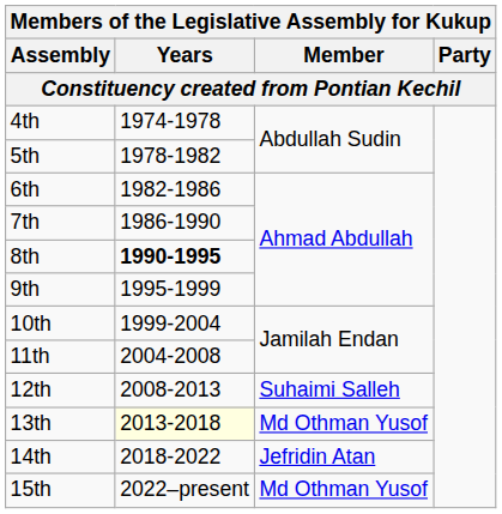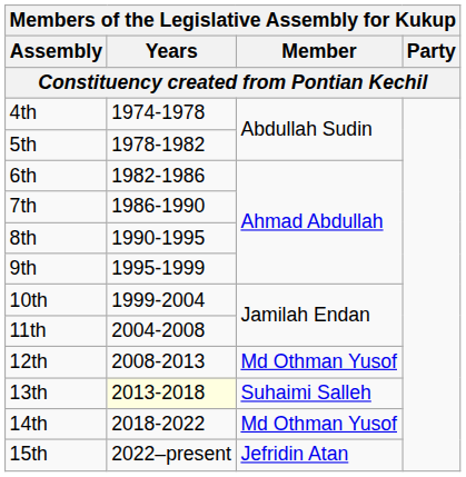 <table class=wikitable>
 <tr>
 <th colspan=4>Members of the Legislative Assembly for Kukup</th>
 </tr>
 <tr>
 <th>Assembly</th>
 <th>Years</th>
 <th>Member</th>
 <th>Party</th>
 </tr>
 <tr>
 <th colspan=4 align=center><em>Constituency created from Pontian Kechil</em></th>
 </tr>
 <tr>
 <td>4th</td>
 <td>1974-1978</td>
 <td rowspan="2">Abdullah Sudin</td>
 <td rowspan="13"></td>
 </tr>
 <tr>
 <td>5th</td>
 <td>1978-1982</td>
 </tr>
 <tr>
 <td>6th</td>
 <td>1982-1986</td>
 <td rowspan="4"><a href='#'>Ahmad Abdullah</a></td>
 </tr>
 <tr>
 <td>7th</td>
 <td>1986-1990</td>
 </tr>
 <tr>
 <td>8th</td>
-<td><strong>1990-1995</strong></td>
+<td>1990-1995</td>
 </tr>
 <tr>
 <td>9th</td>
 <td>1995-1999</td>
 </tr>
 <tr>
 <td>10th</td>
 <td>1999-2004</td>
 <td rowspan="2">Jamilah Endan</td>
 </tr>
 <tr>
 <td>11th</td>
 <td>2004-2008</td>
 </tr>
 <tr>
 <td>12th</td>
 <td>2008-2013</td>
-<td><a href='#'>Suhaimi Salleh</a></td>
+<td><a href='#'>Md Othman Yusof</a></td>
 </tr>
 <tr>
 <td>13th</td>
 <td style="background: lightyellow;">2013-2018</td>
-<td><a href='#'>Md Othman Yusof</a></td>
+<td><a href='#'>Suhaimi Salleh</a></td>
 </tr>
 <tr>
 <td>14th</td>
 <td>2018-2022</td>
-<td><a href='#'>Jefridin Atan</a></td>
+<td><a href='#'>Md Othman Yusof</a></td>
 </tr>
 <tr>
 <td>15th</td>
 <td>2022–present</td>
-<td><a href='#'>Md Othman Yusof</a></td>
+<td><a href='#'>Jefridin Atan</a></td>
 </tr>
 </table>
